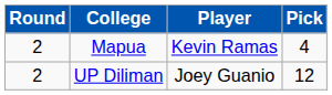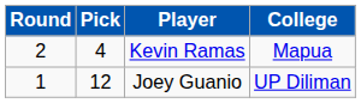 <table class="wikitable sortable sortable">
 <tr>
 <th style="background:#0055AF; color:#FFFFFF; ">Round</th>
+<th style="background:#0055AF; color:#FFFFFF; ">Pick</th>
+<th style="background:#0055AF; color:#FFFFFF; ">Player</th>
 <th style="background:#0055AF; color:#FFFFFF; ">College</th>
-<th style="background:#0055AF; color:#FFFFFF; ">Player</th>
-<th style="background:#0055AF; color:#FFFFFF; ">Pick</th>
 </tr>
 <tr style="text-align: center">
 <td align="center">2</td>
+<td align="center">4</td>
+<td><a href='#'>Kevin Ramas</a></td>
 <td><a href='#'>Mapua</a></td>
-<td><a href='#'>Kevin Ramas</a></td>
-<td align="center">4</td>
 </tr>
 <tr style="text-align: center">
-<td align="center">2</td>
+<td align="center">1</td>
+<td align="center">12</td>
+<td>Joey Guanio</td>
 <td><a href='#'>UP Diliman</a></td>
-<td>Joey Guanio</td>
-<td align="center">12</td>
 </tr>
 </table>
